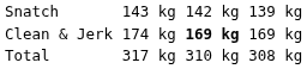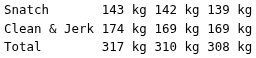 <table>
 <tr>
 <td>Snatch</td>
 <td></td>
 <td>143 kg</td>
 <td></td>
 <td>142 kg</td>
 <td></td>
 <td>139 kg</td>
 </tr>
 <tr>
 <td>Clean & Jerk</td>
 <td></td>
 <td>174 kg</td>
 <td></td>
-<td><strong>169 kg</strong></td>
+<td>169 kg</td>
 <td></td>
 <td>169 kg</td>
 </tr>
 <tr>
 <td>Total</td>
 <td></td>
 <td>317 kg</td>
 <td></td>
 <td>310 kg</td>
 <td></td>
 <td>308 kg</td>
 </tr>
 </table>
